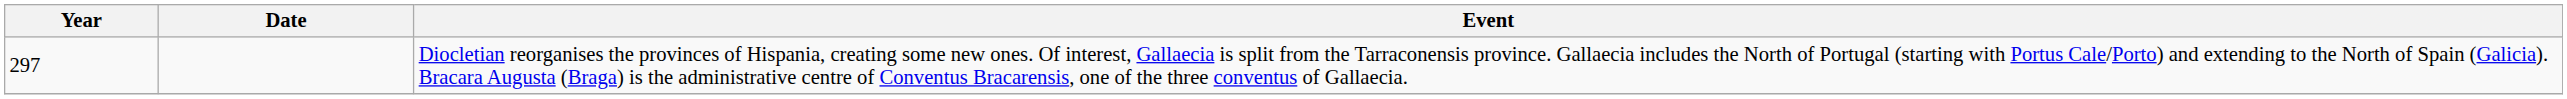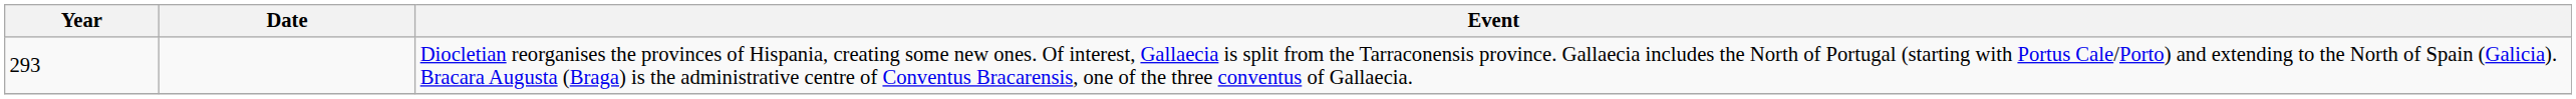 <table class="wikitable" width="100%">
 <tr>
 <th style="width:6%">Year</th>
 <th style="width:10%">Date</th>
 <th>Event</th>
 </tr>
 <tr>
-<td>297</td>
+<td>293</td>
 <td></td>
 <td><a href='#'>Diocletian</a> reorganises the provinces of Hispania, creating some new ones. Of interest, <a href='#'>Gallaecia</a> is split from the Tarraconensis province. Gallaecia includes the North of Portugal (starting with <a href='#'>Portus Cale</a>/<a href='#'>Porto</a>) and extending to the North of Spain (<a href='#'>Galicia</a>). <a href='#'>Bracara Augusta</a> (<a href='#'>Braga</a>) is the administrative centre of <a href='#'>Conventus Bracarensis</a>, one of the three <a href='#'>conventus</a> of Gallaecia.</td>
 </tr>
 <tr>
 </tr>
 </table>
